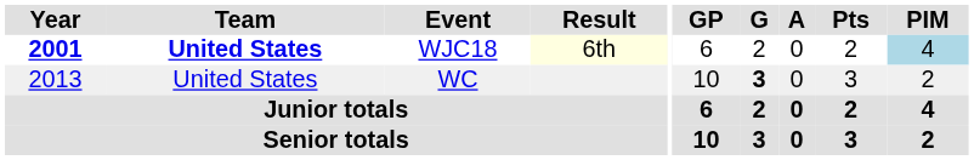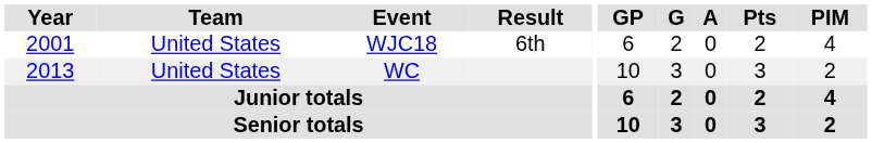 <table border="0" cellpadding="1" cellspacing="0" ID="Table3" style="text-align:center; width:40em">
 <tr bgcolor="#e0e0e0">
 <th>Year</th>
 <th>Team</th>
 <th>Event</th>
 <th>Result</th>
 <th rowspan="99" bgcolor="#ffffff"></th>
 <th>GP</th>
 <th>G</th>
 <th>A</th>
 <th>Pts</th>
 <th>PIM</th>
 </tr>
 <tr>
-<td><strong><a href='#'>2001</a></strong></td>
-<td><strong><a href='#'>United States</a></strong></td>
+<td><a href='#'>2001</a></td>
+<td><a href='#'>United States</a></td>
 <td><a href='#'>WJC18</a></td>
-<td style="background: lightyellow;">6th</td>
+<td>6th</td>
 <td>6</td>
 <td>2</td>
 <td>0</td>
 <td>2</td>
-<td style="background: lightblue;">4</td>
+<td>4</td>
 </tr>
 <tr bgcolor="#f0f0f0">
 <td><a href='#'>2013</a></td>
 <td><a href='#'>United States</a></td>
 <td><a href='#'>WC</a></td>
 <td></td>
 <td>10</td>
-<td><strong>3</strong></td>
+<td>3</td>
 <td>0</td>
 <td>3</td>
 <td>2</td>
 </tr>
 <tr bgcolor="#e0e0e0">
 <th colspan="4">Junior totals</th>
 <th>6</th>
 <th>2</th>
 <th>0</th>
 <th>2</th>
 <th>4</th>
 </tr>
 <tr bgcolor="#e0e0e0">
 <th colspan="4">Senior totals</th>
 <th>10</th>
 <th>3</th>
 <th>0</th>
 <th>3</th>
 <th>2</th>
 </tr>
 </table>
